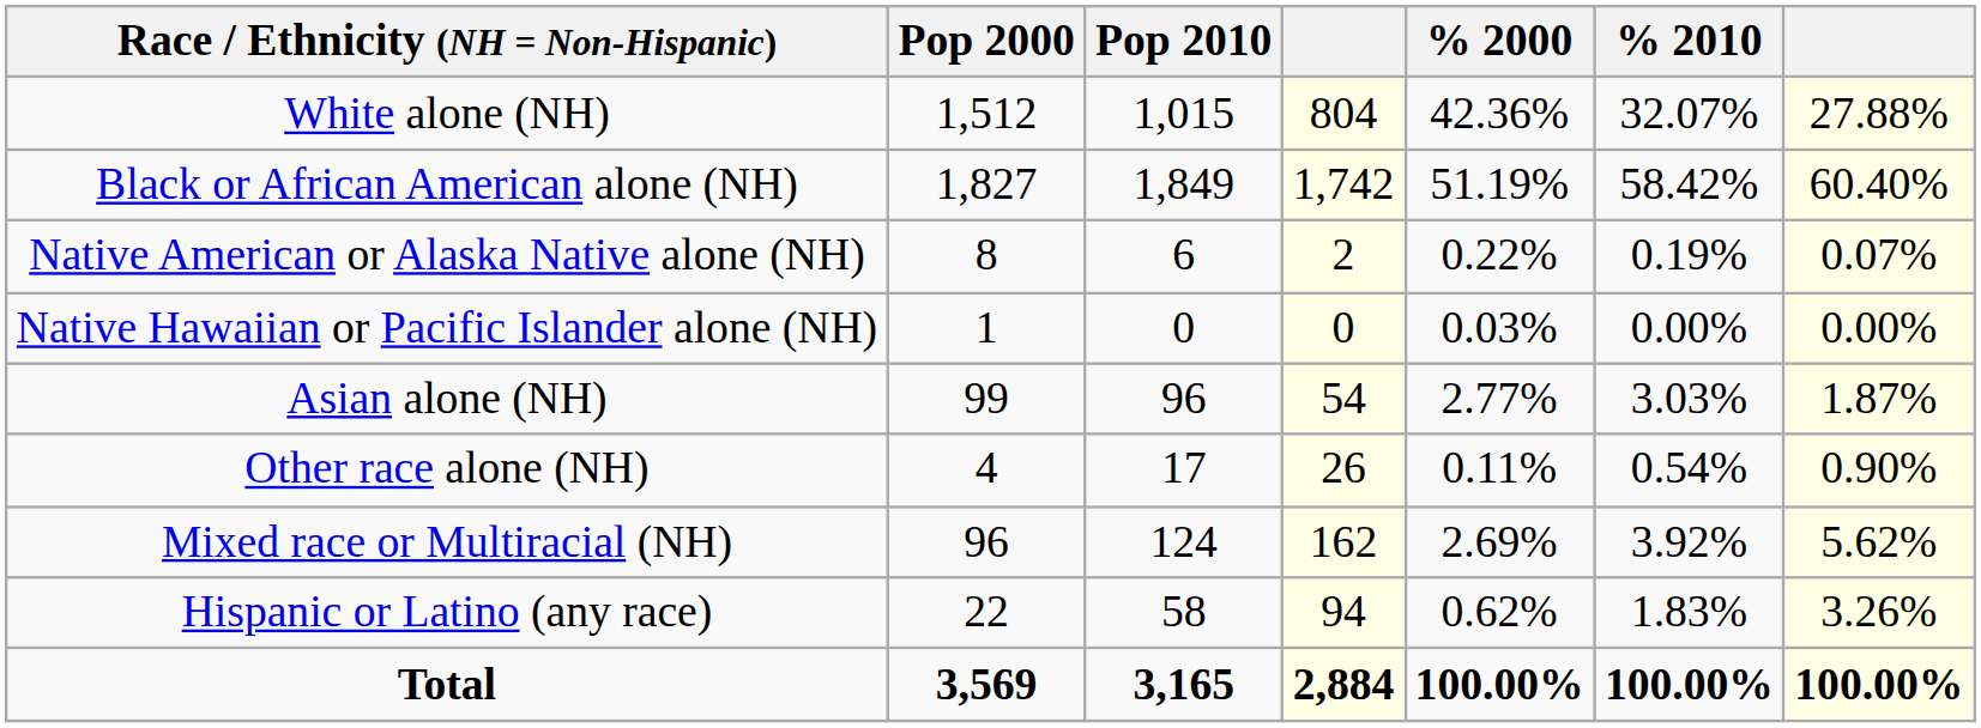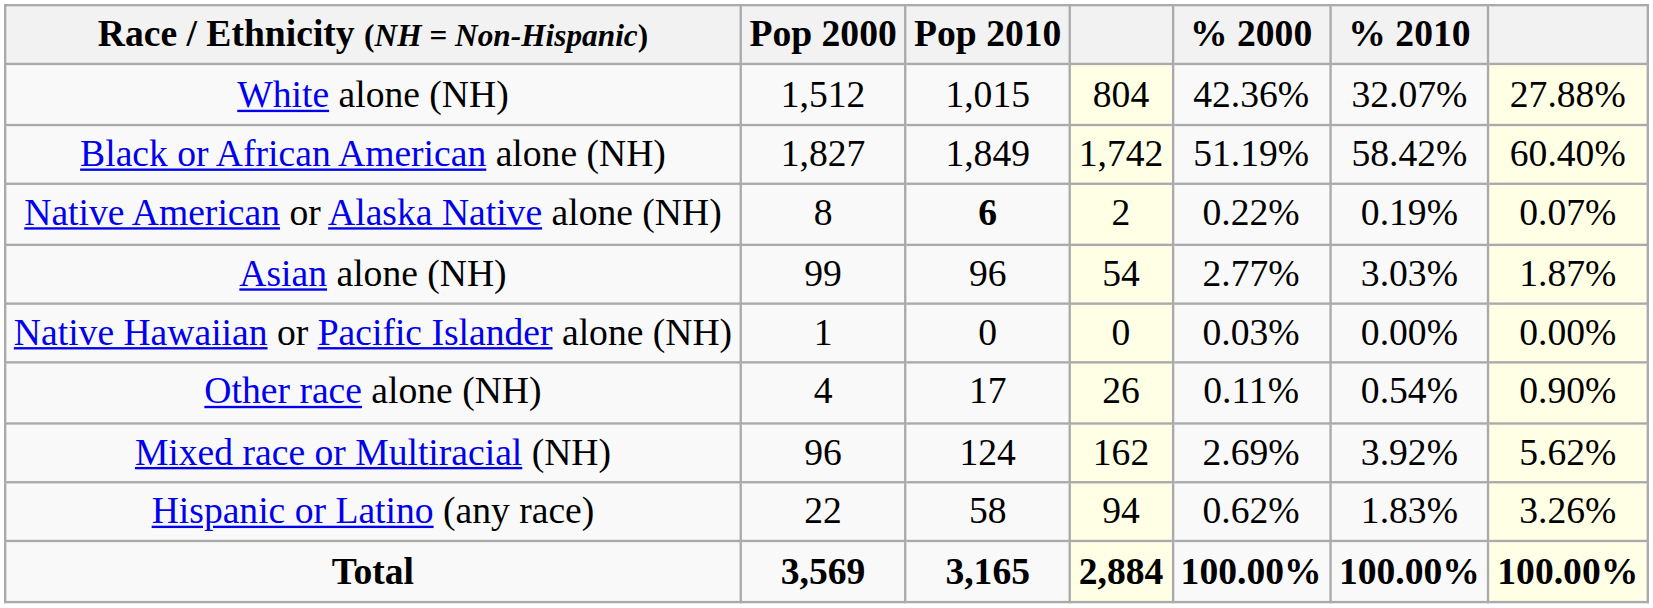 <table class="wikitable" style="text-align:center;">
 <tr>
 <th>Race / Ethnicity <small>(<em>NH = Non-Hispanic</em>)</small></th>
 <th>Pop 2000</th>
 <th>Pop 2010</th>
 <th></th>
 <th>% 2000</th>
 <th>% 2010</th>
 <th></th>
 </tr>
 <tr>
 <td><a href='#'>White</a> alone (NH)</td>
 <td>1,512</td>
 <td>1,015</td>
 <td style='background: #ffffe6;'>804</td>
 <td>42.36%</td>
 <td>32.07%</td>
 <td style='background: #ffffe6;'>27.88%</td>
 </tr>
 <tr>
 <td><a href='#'>Black or African American</a> alone (NH)</td>
 <td>1,827</td>
 <td>1,849</td>
 <td style='background: #ffffe6;'>1,742</td>
 <td>51.19%</td>
 <td>58.42%</td>
 <td style='background: #ffffe6;'>60.40%</td>
 </tr>
 <tr>
 <td><a href='#'>Native American</a> or <a href='#'>Alaska Native</a> alone (NH)</td>
 <td>8</td>
-<td>6</td>
+<td><strong>6</strong></td>
 <td style='background: #ffffe6;'>2</td>
 <td>0.22%</td>
 <td>0.19%</td>
 <td style='background: #ffffe6;'>0.07%</td>
+</tr>
+<tr>
+<td><a href='#'>Asian</a> alone (NH)</td>
+<td>99</td>
+<td>96</td>
+<td style='background: #ffffe6;'>54</td>
+<td>2.77%</td>
+<td>3.03%</td>
+<td style='background: #ffffe6;'>1.87%</td>
 </tr>
 <tr>
 <td><a href='#'>Native Hawaiian</a> or <a href='#'>Pacific Islander</a> alone (NH)</td>
 <td>1</td>
 <td>0</td>
 <td style='background: #ffffe6;'>0</td>
 <td>0.03%</td>
 <td>0.00%</td>
 <td style='background: #ffffe6;'>0.00%</td>
-</tr>
-<tr>
-<td><a href='#'>Asian</a> alone (NH)</td>
-<td>99</td>
-<td>96</td>
-<td style='background: #ffffe6;'>54</td>
-<td>2.77%</td>
-<td>3.03%</td>
-<td style='background: #ffffe6;'>1.87%</td>
 </tr>
 <tr>
 <td><a href='#'>Other race</a> alone (NH)</td>
 <td>4</td>
 <td>17</td>
 <td style='background: #ffffe6;'>26</td>
 <td>0.11%</td>
 <td>0.54%</td>
 <td style='background: #ffffe6;'>0.90%</td>
 </tr>
 <tr>
 <td><a href='#'>Mixed race or Multiracial</a> (NH)</td>
 <td>96</td>
 <td>124</td>
 <td style='background: #ffffe6;'>162</td>
 <td>2.69%</td>
 <td>3.92%</td>
 <td style='background: #ffffe6;'>5.62%</td>
 </tr>
 <tr>
 <td><a href='#'>Hispanic or Latino</a> (any race)</td>
 <td>22</td>
 <td>58</td>
 <td style='background: #ffffe6;'>94</td>
 <td>0.62%</td>
 <td>1.83%</td>
 <td style='background: #ffffe6;'>3.26%</td>
 </tr>
 <tr>
 <td><strong>Total</strong></td>
 <td><strong>3,569</strong></td>
 <td><strong>3,165</strong></td>
 <td style='background: #ffffe6;'><strong>2,884</strong></td>
 <td><strong>100.00%</strong></td>
 <td><strong>100.00%</strong></td>
 <td style='background: #ffffe6;'><strong>100.00%</strong></td>
 </tr>
 </table>
